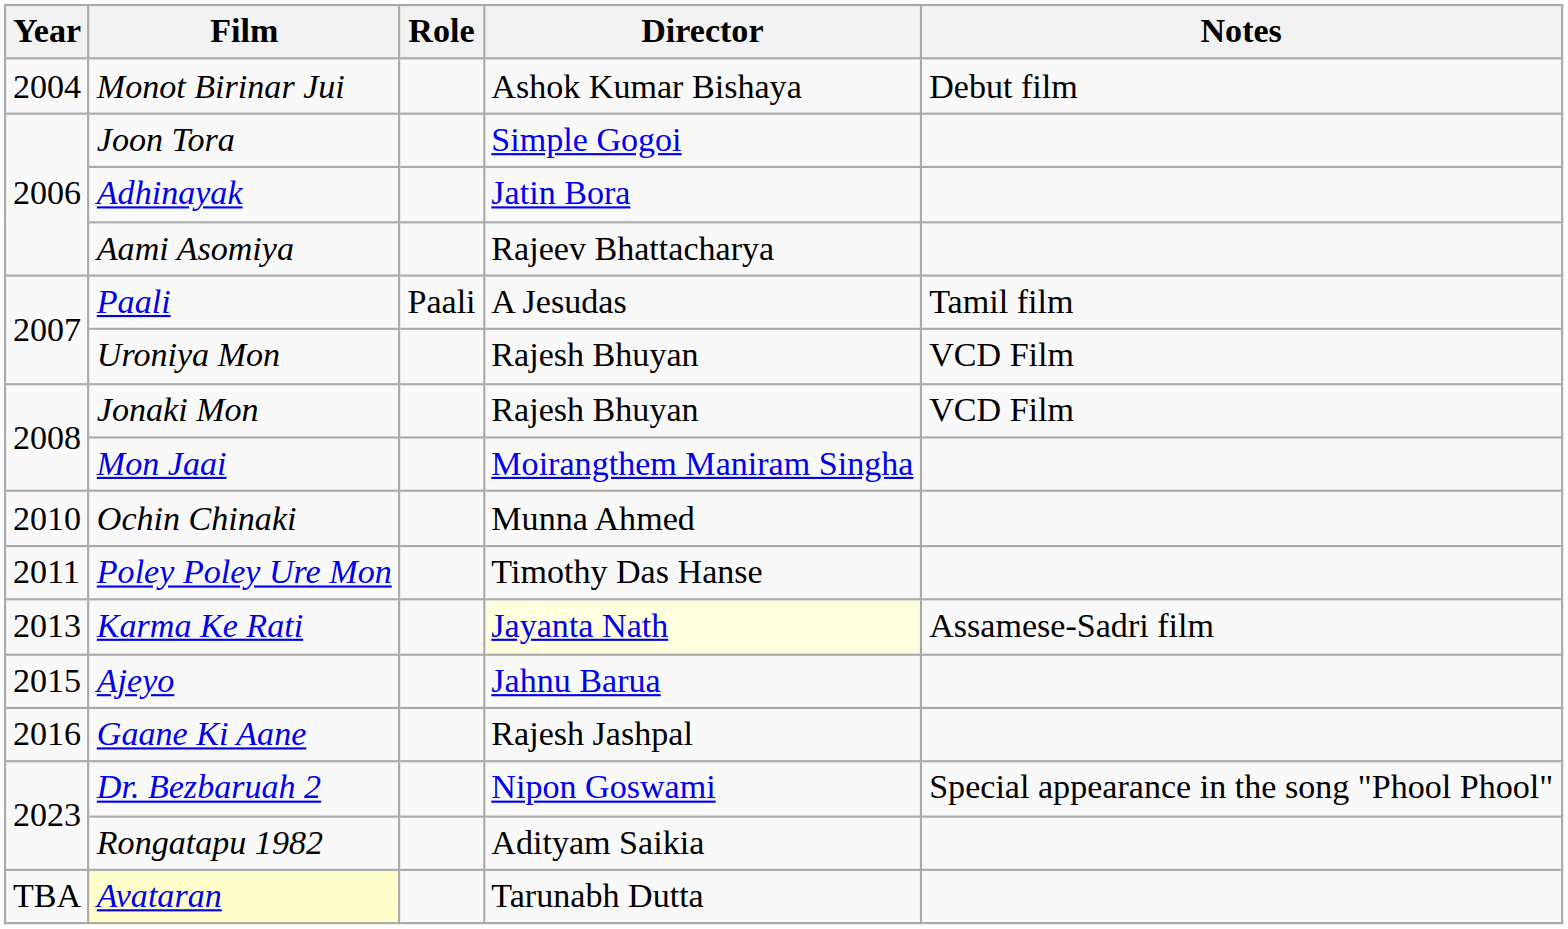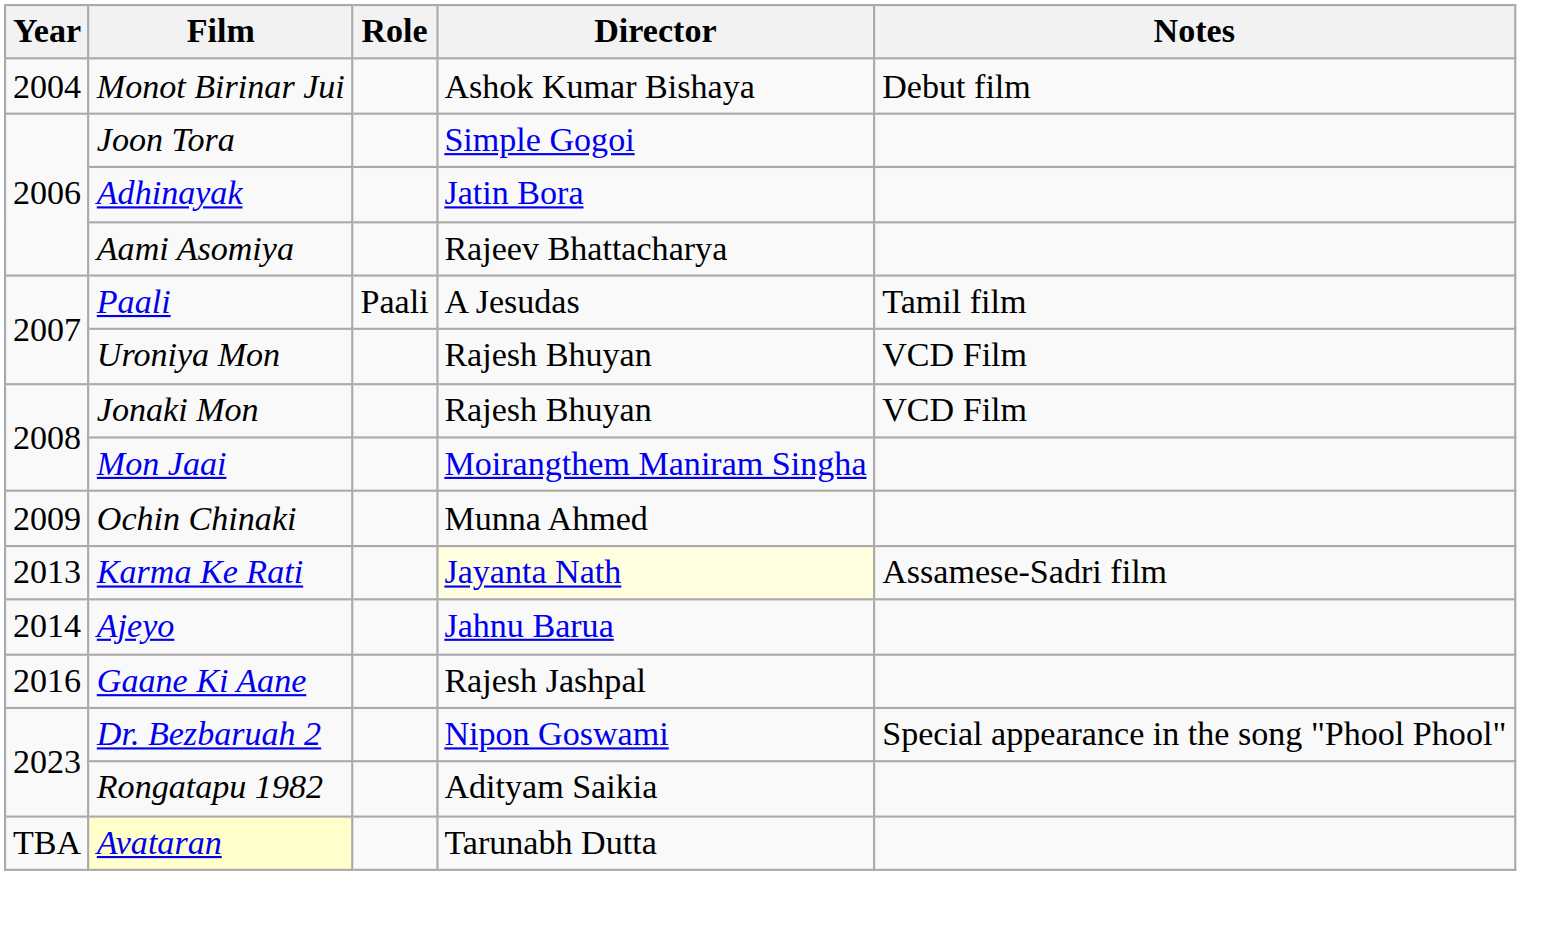 <table class="wikitable sortable">
 <tr>
 <th>Year</th>
 <th>Film</th>
 <th>Role</th>
 <th>Director</th>
 <th>Notes</th>
 </tr>
 <tr>
 <td>2004</td>
 <td><em>Monot Birinar Jui</em></td>
 <td></td>
 <td>Ashok Kumar Bishaya</td>
 <td>Debut film</td>
 </tr>
 <tr>
 <td rowspan="3">2006</td>
 <td><em>Joon Tora</em></td>
 <td></td>
 <td><a href='#'>Simple Gogoi</a></td>
 <td></td>
 </tr>
 <tr>
 <td><em><a href='#'>Adhinayak</a></em></td>
 <td></td>
 <td><a href='#'>Jatin Bora</a></td>
 <td></td>
 </tr>
 <tr>
 <td><em>Aami Asomiya</em></td>
 <td></td>
 <td>Rajeev Bhattacharya</td>
 <td></td>
 </tr>
 <tr>
 <td rowspan="2">2007</td>
 <td><em><a href='#'>Paali</a></em></td>
 <td>Paali</td>
 <td>A Jesudas</td>
 <td>Tamil film</td>
 </tr>
 <tr>
 <td><em>Uroniya Mon</em></td>
 <td></td>
 <td>Rajesh Bhuyan</td>
 <td>VCD Film</td>
 </tr>
 <tr>
 <td rowspan="2">2008</td>
 <td><em>Jonaki Mon</em></td>
 <td></td>
 <td>Rajesh Bhuyan</td>
 <td>VCD Film</td>
 </tr>
 <tr>
 <td><em><a href='#'>Mon Jaai</a></em></td>
 <td></td>
 <td><a href='#'>Moirangthem Maniram Singha</a></td>
 <td></td>
 </tr>
 <tr>
-<td>2010</td>
+<td>2009</td>
 <td><em>Ochin Chinaki</em></td>
 <td></td>
 <td>Munna Ahmed</td>
-<td></td>
-</tr>
-<tr>
-<td>2011</td>
-<td><em><a href='#'>Poley Poley Ure Mon</a></em></td>
-<td></td>
-<td>Timothy Das Hanse</td>
 <td></td>
 </tr>
 <tr>
 <td>2013</td>
 <td><em><a href='#'>Karma Ke Rati</a></em></td>
 <td></td>
 <td style="background: lightyellow;"><a href='#'>Jayanta Nath</a></td>
 <td>Assamese-Sadri film</td>
 </tr>
 <tr>
-<td>2015</td>
+<td>2014</td>
 <td><em><a href='#'>Ajeyo</a></em></td>
 <td></td>
 <td><a href='#'>Jahnu Barua</a></td>
 <td></td>
 </tr>
 <tr>
 <td>2016</td>
 <td><em><a href='#'>Gaane Ki Aane</a></em></td>
 <td></td>
 <td>Rajesh Jashpal</td>
 <td></td>
 </tr>
 <tr>
 <td rowspan="2">2023</td>
 <td><em><a href='#'>Dr. Bezbaruah 2</a></em></td>
 <td></td>
 <td><a href='#'>Nipon Goswami</a></td>
 <td>Special appearance in the song "Phool Phool"</td>
 </tr>
 <tr>
 <td><em>Rongatapu 1982</em></td>
 <td></td>
 <td>Adityam Saikia</td>
 <td></td>
 </tr>
 <tr>
 <td>TBA</td>
 <td style="background:#FFFFCC;"><em><a href='#'>Avataran</a></em></td>
 <td></td>
 <td>Tarunabh Dutta</td>
 <td></td>
 </tr>
 </table>
